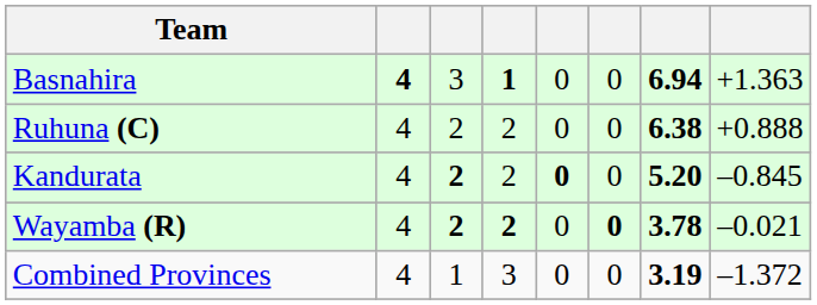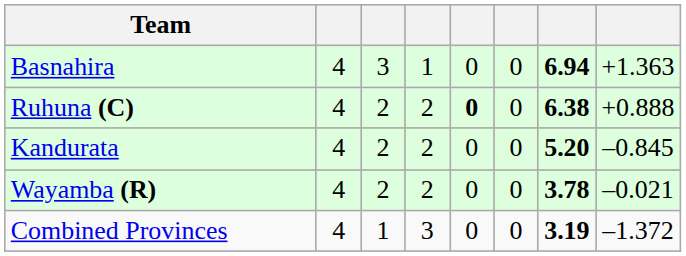 <table class="wikitable" style="text-align:center;">
 <tr>
 <th width=185>Team</th>
 <th width=20></th>
 <th width=20></th>
 <th width=20></th>
 <th width=20></th>
 <th width=20></th>
 <th width=20></th>
 <th width=20></th>
 </tr>
 <tr bgcolor="#ddffdd">
 <td align=left><a href='#'>Basnahira</a></td>
-<td><strong>4</strong></td>
+<td>4</td>
 <td>3</td>
-<td><strong>1</strong></td>
+<td>1</td>
 <td>0</td>
 <td>0</td>
 <td><strong>6.94</strong></td>
 <td>+1.363</td>
 </tr>
 <tr bgcolor="#ddffdd">
 <td align=left><a href='#'>Ruhuna</a> <strong>(C)</strong></td>
 <td>4</td>
 <td>2</td>
 <td>2</td>
-<td>0</td>
+<td><strong>0</strong></td>
 <td>0</td>
 <td><strong>6.38</strong></td>
 <td>+0.888</td>
 </tr>
 <tr bgcolor="#ddffdd">
 <td align=left><a href='#'>Kandurata</a></td>
 <td>4</td>
-<td><strong>2</strong></td>
 <td>2</td>
-<td><strong>0</strong></td>
+<td>2</td>
+<td>0</td>
 <td>0</td>
 <td><strong>5.20</strong></td>
 <td>–0.845</td>
 </tr>
 <tr bgcolor="#ddffdd">
 <td align=left><a href='#'>Wayamba</a> <strong>(R)</strong></td>
 <td>4</td>
-<td><strong>2</strong></td>
-<td><strong>2</strong></td>
+<td>2</td>
+<td>2</td>
 <td>0</td>
-<td><strong>0</strong></td>
+<td>0</td>
 <td><strong>3.78</strong></td>
 <td>–0.021</td>
 </tr>
 <tr>
 <td align=left><a href='#'>Combined Provinces</a></td>
 <td>4</td>
 <td>1</td>
 <td>3</td>
 <td>0</td>
 <td>0</td>
 <td><strong>3.19</strong></td>
 <td>–1.372</td>
 </tr>
 </table>
